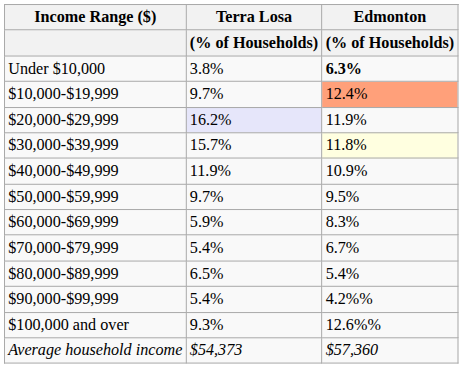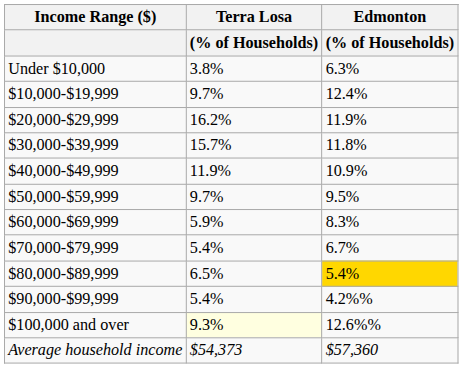 <table class="wikitable">
 <tr>
 </tr>
 <tr>
 <th>Income Range ($)</th>
 <th>Terra Losa</th>
 <th>Edmonton</th>
 </tr>
 <tr>
 <th></th>
 <th>(% of Households)</th>
 <th>(% of Households)</th>
 </tr>
 <tr>
 <td>Under $10,000</td>
 <td>3.8%</td>
-<td><strong>6.3%</strong></td>
+<td>6.3%</td>
 </tr>
 <tr>
 <td>$10,000-$19,999</td>
 <td>9.7%</td>
-<td style="background: lightsalmon;">12.4%</td>
+<td>12.4%</td>
 </tr>
 <tr>
 <td>$20,000-$29,999</td>
-<td style="background: lavender;">16.2%</td>
+<td>16.2%</td>
 <td>11.9%</td>
 </tr>
 <tr>
 <td>$30,000-$39,999</td>
 <td>15.7%</td>
-<td style="background: lightyellow;">11.8%</td>
+<td>11.8%</td>
 </tr>
 <tr>
 <td>$40,000-$49,999</td>
 <td>11.9%</td>
 <td>10.9%</td>
 </tr>
 <tr>
 <td>$50,000-$59,999</td>
 <td>9.7%</td>
 <td>9.5%</td>
 </tr>
 <tr>
 <td>$60,000-$69,999</td>
 <td>5.9%</td>
 <td>8.3%</td>
 </tr>
 <tr>
 <td>$70,000-$79,999</td>
 <td>5.4%</td>
 <td>6.7%</td>
 </tr>
 <tr>
 <td>$80,000-$89,999</td>
 <td>6.5%</td>
-<td>5.4%</td>
+<td style="background: gold;">5.4%</td>
 </tr>
 <tr>
 <td>$90,000-$99,999</td>
 <td>5.4%</td>
 <td>4.2%%</td>
 </tr>
 <tr>
 <td>$100,000 and over</td>
-<td>9.3%</td>
+<td style="background: lightyellow;">9.3%</td>
 <td>12.6%%</td>
 </tr>
 <tr>
 <td><em>Average household income</em></td>
 <td><em>$54,373</em></td>
 <td><em>$57,360</em></td>
 </tr>
 </table>
